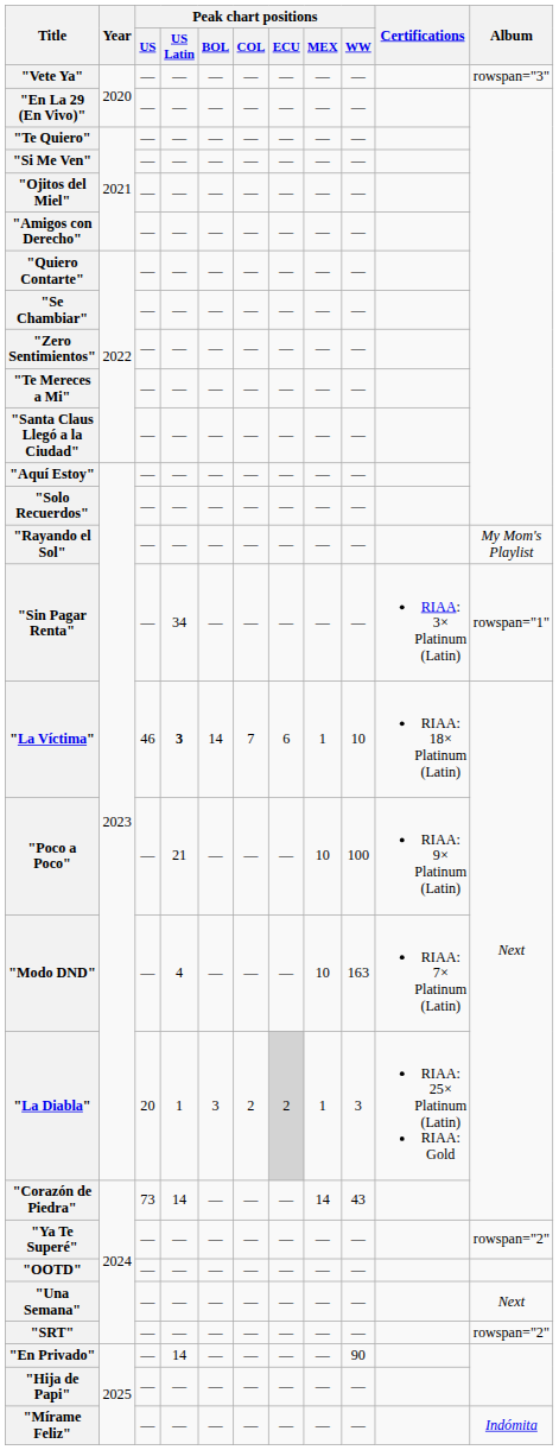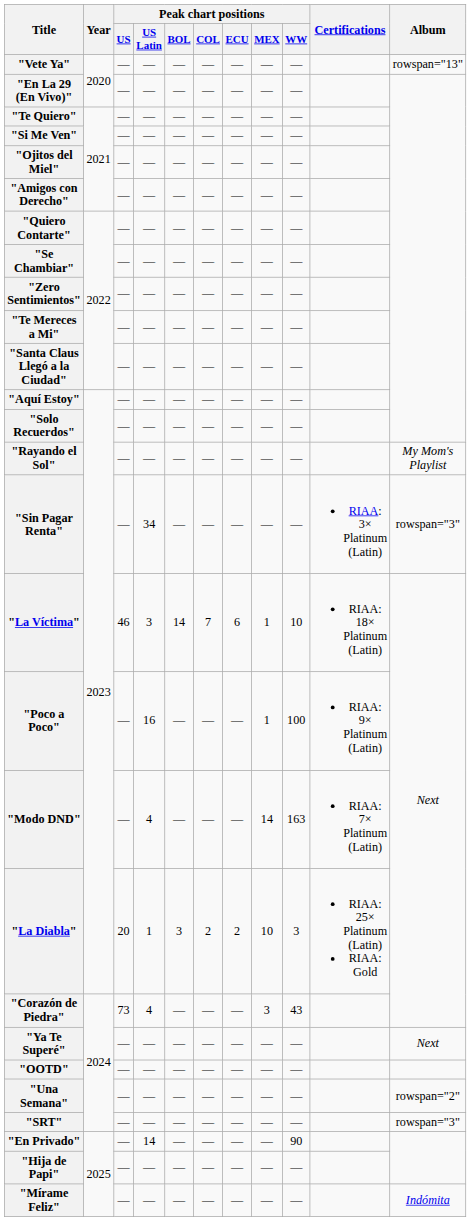 <table class="wikitable plainrowheaders" style="text-align: center">
 <tr>
 <th scope="col" rowspan="2">Title</th>
 <th scope="col" rowspan="2">Year</th>
 <th scope="col" colspan="7">Peak chart positions</th>
 <th scope="col" rowspan="2"><a href='#'>Certifications</a></th>
 <th scope="col" rowspan="2">Album</th>
 </tr>
 <tr>
 <th scope="col" style="width:3em; font-size:90%"><a href='#'>US</a><br></th>
 <th scope="col" style="width:3em; font-size:90%"><a href='#'>US<br>Latin</a><br></th>
 <th scope="col" style="width:3em; font-size:90%"><a href='#'>BOL</a><br></th>
 <th scope="col" style="width:3em; font-size:90%"><a href='#'>COL</a><br></th>
 <th scope="col" style="width:3em; font-size:90%"><a href='#'>ECU</a><br></th>
 <th scope="col" style="width:3em; font-size:90%"><a href='#'>MEX</a><br></th>
 <th scope="col" style="width:3em; font-size:90%"><a href='#'>WW</a><br></th>
 </tr>
 <tr>
 <th scope="row">"Vete Ya"</th>
 <td rowspan="2">2020</td>
 <td>—</td>
 <td>—</td>
 <td>—</td>
 <td>—</td>
 <td>—</td>
 <td>—</td>
 <td>—</td>
 <td></td>
-<td>rowspan="3" </td>
+<td>rowspan="13" </td>
 </tr>
 <tr>
 <th scope="row">"En La 29 (En Vivo)"<br></th>
 <td>—</td>
 <td>—</td>
 <td>—</td>
 <td>—</td>
 <td>—</td>
 <td>—</td>
 <td>—</td>
 <td></td>
 </tr>
 <tr>
 <th scope="row">"Te Quiero"</th>
 <td rowspan="4">2021</td>
 <td>—</td>
 <td>—</td>
 <td>—</td>
 <td>—</td>
 <td>—</td>
 <td>—</td>
 <td>—</td>
 <td></td>
 </tr>
 <tr>
 <th scope="row">"Si Me Ven"</th>
 <td>—</td>
 <td>—</td>
 <td>—</td>
 <td>—</td>
 <td>—</td>
 <td>—</td>
 <td>—</td>
 <td></td>
 </tr>
 <tr>
 <th scope="row">"Ojitos del Miel"</th>
 <td>—</td>
 <td>—</td>
 <td>—</td>
 <td>—</td>
 <td>—</td>
 <td>—</td>
 <td>—</td>
 <td></td>
 </tr>
 <tr>
 <th scope="row">"Amigos con Derecho"</th>
 <td>—</td>
 <td>—</td>
 <td>—</td>
 <td>—</td>
 <td>—</td>
 <td>—</td>
 <td>—</td>
 <td></td>
 </tr>
 <tr>
 <th scope="row">"Quiero Contarte"</th>
 <td rowspan="5">2022</td>
 <td>—</td>
 <td>—</td>
 <td>—</td>
 <td>—</td>
 <td>—</td>
 <td>—</td>
 <td>—</td>
 <td></td>
 </tr>
 <tr>
 <th scope="row">"Se Chambiar"<br></th>
 <td>—</td>
 <td>—</td>
 <td>—</td>
 <td>—</td>
 <td>—</td>
 <td>—</td>
 <td>—</td>
 <td></td>
 </tr>
 <tr>
 <th scope="row">"Zero Sentimientos"<br></th>
 <td>—</td>
 <td>—</td>
 <td>—</td>
 <td>—</td>
 <td>—</td>
 <td>—</td>
 <td>—</td>
 <td></td>
 </tr>
 <tr>
 <th scope="row">"Te Mereces a Mi"</th>
 <td>—</td>
 <td>—</td>
 <td>—</td>
 <td>—</td>
 <td>—</td>
 <td>—</td>
 <td>—</td>
 <td></td>
 </tr>
 <tr>
 <th scope="row">"Santa Claus Llegó a la Ciudad"</th>
 <td>—</td>
 <td>—</td>
 <td>—</td>
 <td>—</td>
 <td>—</td>
 <td>—</td>
 <td>—</td>
 <td></td>
 </tr>
 <tr>
 <th scope="row">"Aquí Estoy"<br></th>
 <td rowspan="8">2023</td>
 <td>—</td>
 <td>—</td>
 <td>—</td>
 <td>—</td>
 <td>—</td>
 <td>—</td>
 <td>—</td>
 <td></td>
 </tr>
 <tr>
 <th scope="row">"Solo Recuerdos"<br></th>
 <td>—</td>
 <td>—</td>
 <td>—</td>
 <td>—</td>
 <td>—</td>
 <td>—</td>
 <td>—</td>
 <td></td>
 </tr>
 <tr>
 <th scope="row">"Rayando el Sol"</th>
 <td>—</td>
 <td>—</td>
 <td>—</td>
 <td>—</td>
 <td>—</td>
 <td>—</td>
 <td>—</td>
 <td></td>
 <td><em>My Mom's Playlist</em></td>
 </tr>
 <tr>
 <th scope="row">"Sin Pagar Renta"</th>
 <td>—</td>
 <td>34</td>
 <td>—</td>
 <td>—</td>
 <td>—</td>
 <td>—</td>
 <td>—</td>
 <td><br><ul><li><a href='#'>RIAA</a>: 3× Platinum (Latin)</li></ul></td>
-<td>rowspan="1" </td>
+<td>rowspan="3" </td>
 </tr>
 <tr>
 <th scope="row">"<a href='#'>La Víctima</a>"</th>
 <td>46</td>
-<td><strong>3</strong></td>
+<td>3</td>
 <td>14</td>
 <td>7</td>
 <td>6</td>
 <td>1</td>
 <td>10</td>
 <td><br><ul><li>RIAA: 18× Platinum (Latin)</li></ul></td>
 <td rowspan="5"><em>Next</em></td>
 </tr>
 <tr>
 <th scope="row">"Poco a Poco"<br></th>
 <td>—</td>
-<td>21</td>
+<td>16</td>
 <td>—</td>
 <td>—</td>
 <td>—</td>
-<td>10</td>
+<td>1</td>
 <td>100</td>
 <td><br><ul><li>RIAA: 9× Platinum (Latin)</li></ul></td>
 </tr>
 <tr>
 <th scope="row">"Modo DND"<br></th>
 <td>—</td>
 <td>4</td>
 <td>—</td>
 <td>—</td>
 <td>—</td>
-<td>10</td>
+<td>14</td>
 <td>163</td>
 <td><br><ul><li>RIAA: 7× Platinum (Latin)</li></ul></td>
 </tr>
 <tr>
 <th scope="row">"<a href='#'>La Diabla</a>"</th>
 <td>20</td>
 <td>1</td>
 <td>3</td>
 <td>2</td>
-<td style="background: lightgrey;">2</td>
-<td>1</td>
+<td>2</td>
+<td>10</td>
 <td>3</td>
 <td><br><ul><li>RIAA: 25× Platinum (Latin)</li><li>RIAA: Gold</li></ul></td>
 </tr>
 <tr>
 <th scope="row">"Corazón de Piedra"</th>
 <td rowspan="5">2024</td>
 <td>73</td>
-<td>14</td>
+<td>4</td>
 <td>—</td>
 <td>—</td>
 <td>—</td>
-<td>14</td>
+<td>3</td>
 <td>43</td>
 <td></td>
 </tr>
 <tr>
 <th scope="row">"Ya Te Superé"<br></th>
 <td>—</td>
 <td>—</td>
 <td>—</td>
 <td>—</td>
 <td>—</td>
 <td>—</td>
 <td>—</td>
 <td></td>
-<td>rowspan="2" </td>
+<td><em>Next</em></td>
 </tr>
 <tr>
 <th scope="row">"OOTD"</th>
 <td>—</td>
 <td>—</td>
 <td>—</td>
 <td>—</td>
 <td>—</td>
 <td>—</td>
 <td>—</td>
 <td></td>
 </tr>
 <tr>
 <th scope="row">"Una Semana"</th>
 <td>—</td>
 <td>—</td>
 <td>—</td>
 <td>—</td>
 <td>—</td>
 <td>—</td>
 <td>—</td>
 <td></td>
-<td><em>Next</em></td>
+<td>rowspan="2" </td>
 </tr>
 <tr>
 <th scope="row">"SRT"<br></th>
 <td>—</td>
 <td>—</td>
 <td>—</td>
 <td>—</td>
 <td>—</td>
 <td>—</td>
 <td>—</td>
 <td></td>
-<td>rowspan="2" </td>
+<td>rowspan="3" </td>
 </tr>
 <tr>
 <th scope="row">"En Privado"<br></th>
 <td rowspan="3">2025</td>
 <td>—</td>
 <td>14</td>
 <td>—</td>
 <td>—</td>
 <td>—</td>
 <td>—</td>
 <td>90</td>
 <td></td>
 </tr>
 <tr>
 <th scope="row">"Hija de Papi"<br></th>
 <td>—</td>
 <td>—</td>
 <td>—</td>
 <td>—</td>
 <td>—</td>
 <td>—</td>
 <td>—</td>
 <td></td>
 </tr>
 <tr>
 <th scope="row">"Mírame Feliz"<br></th>
 <td>—</td>
 <td>—</td>
 <td>—</td>
 <td>—</td>
 <td>—</td>
 <td>—</td>
 <td>—</td>
 <td></td>
 <td><em><a href='#'>Indómita</a></em></td>
 </tr>
 </table>
